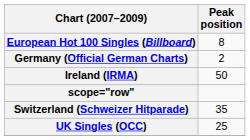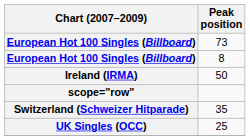 <table class="wikitable sortable plainrowheaders" style="text-align:center;">
 <tr>
 <th scope="col">Chart (2007–2009)</th>
 <th scope="col">Peak<br>position</th>
 </tr>
 <tr>
+<th scope="row"><a href='#'>European Hot 100 Singles</a> (<em><a href='#'>Billboard</a></em>)</th>
+<td>73</td>
+</tr>
+<tr>
 <th scope="row"><a href='#'>European Hot 100 Singles</a> (<em><a href='#'>Billboard</a></em>)<br></th>
 <td>8</td>
-</tr>
-<tr>
-<th scope="row">Germany (<a href='#'>Official German Charts</a>)<br></th>
-<td>2</td>
 </tr>
 <tr>
 <th scope="row">Ireland (<a href='#'>IRMA</a>)</th>
 <td>50</td>
 </tr>
 <tr>
 <th>scope="row" </th>
 </tr>
 <tr>
 <th scope="row">Switzerland (<a href='#'>Schweizer Hitparade</a>)</th>
 <td>35</td>
 </tr>
 <tr>
 <th scope="row"><a href='#'>UK Singles</a> (<a href='#'>OCC</a>)</th>
 <td>25</td>
 </tr>
 <tr>
 </tr>
 </table>
